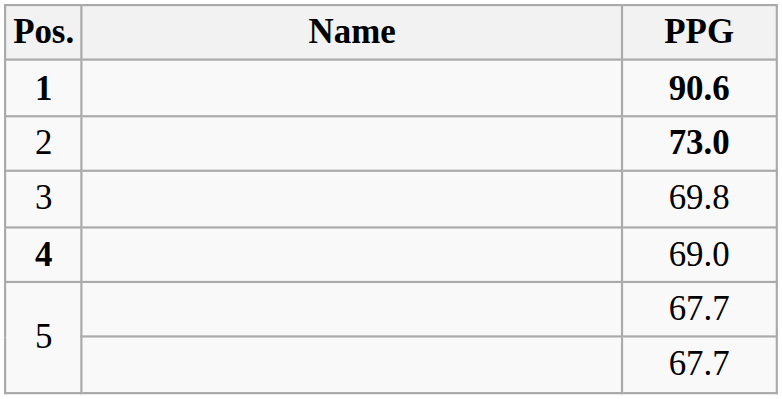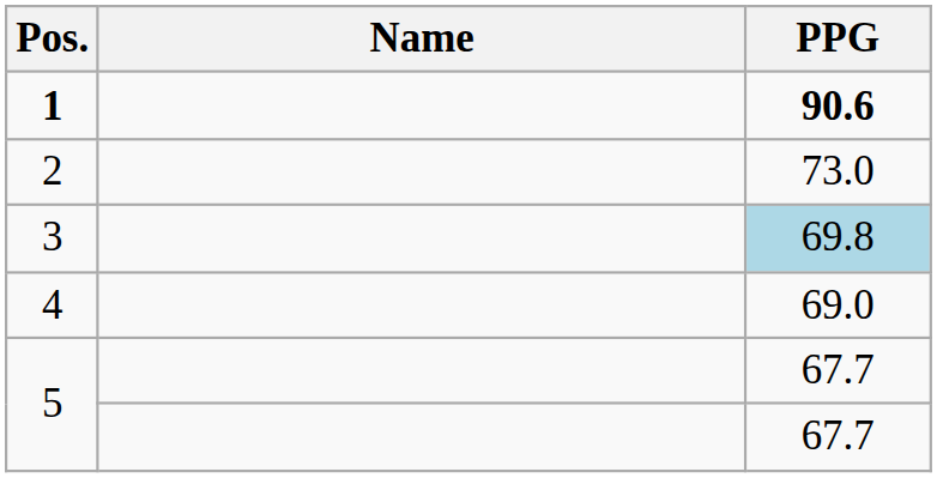 <table class="wikitable">
 <tr>
 <th style="width:10%;">Pos.</th>
 <th>Name</th>
 <th style="width:20%;">PPG</th>
 </tr>
 <tr>
 <td align=center><strong>1</strong></td>
 <td><strong></strong></td>
 <td align=center><strong>90.6</strong></td>
 </tr>
 <tr>
 <td align=center>2</td>
 <td></td>
-<td align=center><strong>73.0</strong></td>
+<td align=center>73.0</td>
 </tr>
 <tr>
 <td align=center>3</td>
 <td></td>
-<td align=center>69.8</td>
+<td align=center style="background: lightblue;">69.8</td>
 </tr>
 <tr>
-<td align=center><strong>4</strong></td>
+<td align=center>4</td>
 <td></td>
 <td align=center>69.0</td>
 </tr>
 <tr>
 <td align=center rowspan=2>5</td>
 <td></td>
 <td align=center>67.7</td>
 </tr>
 <tr>
 <td></td>
 <td align=center>67.7</td>
 </tr>
 </table>
